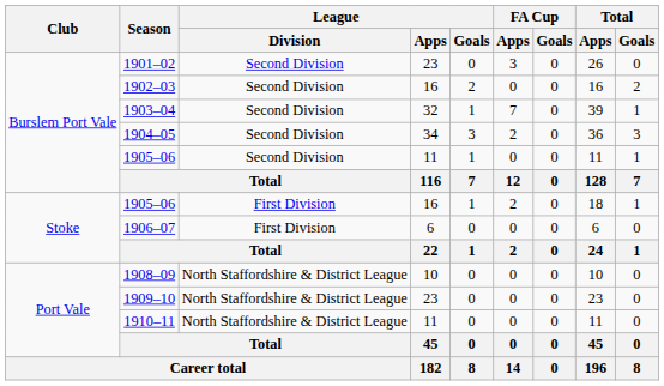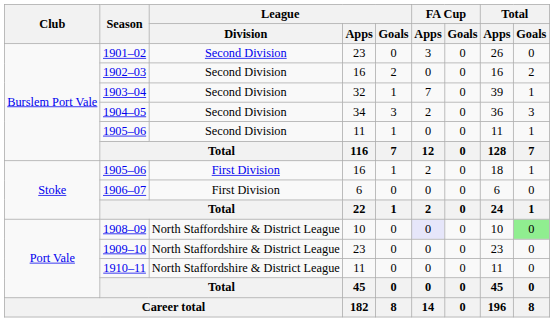 <table class="wikitable" style="text-align: center;">
 <tr>
 <th rowspan="2">Club</th>
 <th rowspan="2">Season</th>
 <th colspan="3">League</th>
 <th colspan="2">FA Cup</th>
 <th colspan="2">Total</th>
 </tr>
 <tr>
 <th>Division</th>
 <th>Apps</th>
 <th>Goals</th>
 <th>Apps</th>
 <th>Goals</th>
 <th>Apps</th>
 <th>Goals</th>
 </tr>
 <tr>
 <td rowspan="6"><a href='#'>Burslem Port Vale</a></td>
 <td><a href='#'>1901–02</a></td>
 <td><a href='#'>Second Division</a></td>
 <td>23</td>
 <td>0</td>
 <td>3</td>
 <td>0</td>
 <td>26</td>
 <td>0</td>
 </tr>
 <tr>
 <td><a href='#'>1902–03</a></td>
 <td>Second Division</td>
 <td>16</td>
 <td>2</td>
 <td>0</td>
 <td>0</td>
 <td>16</td>
 <td>2</td>
 </tr>
 <tr>
 <td><a href='#'>1903–04</a></td>
 <td>Second Division</td>
 <td>32</td>
 <td>1</td>
 <td>7</td>
 <td>0</td>
 <td>39</td>
 <td>1</td>
 </tr>
 <tr>
 <td><a href='#'>1904–05</a></td>
 <td>Second Division</td>
 <td>34</td>
 <td>3</td>
 <td>2</td>
 <td>0</td>
 <td>36</td>
 <td>3</td>
 </tr>
 <tr>
 <td><a href='#'>1905–06</a></td>
 <td>Second Division</td>
 <td>11</td>
 <td>1</td>
 <td>0</td>
 <td>0</td>
 <td>11</td>
 <td>1</td>
 </tr>
 <tr>
 <th colspan="2">Total</th>
 <th>116</th>
 <th>7</th>
 <th>12</th>
 <th>0</th>
 <th>128</th>
 <th>7</th>
 </tr>
 <tr>
 <td rowspan="3"><a href='#'>Stoke</a></td>
 <td><a href='#'>1905–06</a></td>
 <td><a href='#'>First Division</a></td>
 <td>16</td>
 <td>1</td>
 <td>2</td>
 <td>0</td>
 <td>18</td>
 <td>1</td>
 </tr>
 <tr>
 <td><a href='#'>1906–07</a></td>
 <td>First Division</td>
 <td>6</td>
 <td>0</td>
 <td>0</td>
 <td>0</td>
 <td>6</td>
 <td>0</td>
 </tr>
 <tr>
 <th colspan="2">Total</th>
 <th>22</th>
 <th>1</th>
 <th>2</th>
 <th>0</th>
 <th>24</th>
 <th>1</th>
 </tr>
 <tr>
 <td rowspan="4"><a href='#'>Port Vale</a></td>
 <td><a href='#'>1908–09</a></td>
 <td>North Staffordshire & District League</td>
 <td>10</td>
 <td>0</td>
-<td>0</td>
+<td style="background: lavender;">0</td>
 <td>0</td>
 <td>10</td>
-<td>0</td>
+<td style="background: lightgreen;">0</td>
 </tr>
 <tr>
 <td><a href='#'>1909–10</a></td>
 <td>North Staffordshire & District League</td>
 <td>23</td>
 <td>0</td>
 <td>0</td>
 <td>0</td>
 <td>23</td>
 <td>0</td>
 </tr>
 <tr>
 <td><a href='#'>1910–11</a></td>
 <td>North Staffordshire & District League</td>
 <td>11</td>
 <td>0</td>
 <td>0</td>
 <td>0</td>
 <td>11</td>
 <td>0</td>
 </tr>
 <tr>
 <th colspan="2">Total</th>
 <th>45</th>
 <th>0</th>
 <th>0</th>
 <th>0</th>
 <th>45</th>
 <th>0</th>
 </tr>
 <tr>
 <th colspan="3">Career total</th>
 <th>182</th>
 <th>8</th>
 <th>14</th>
 <th>0</th>
 <th>196</th>
 <th>8</th>
 </tr>
 </table>
